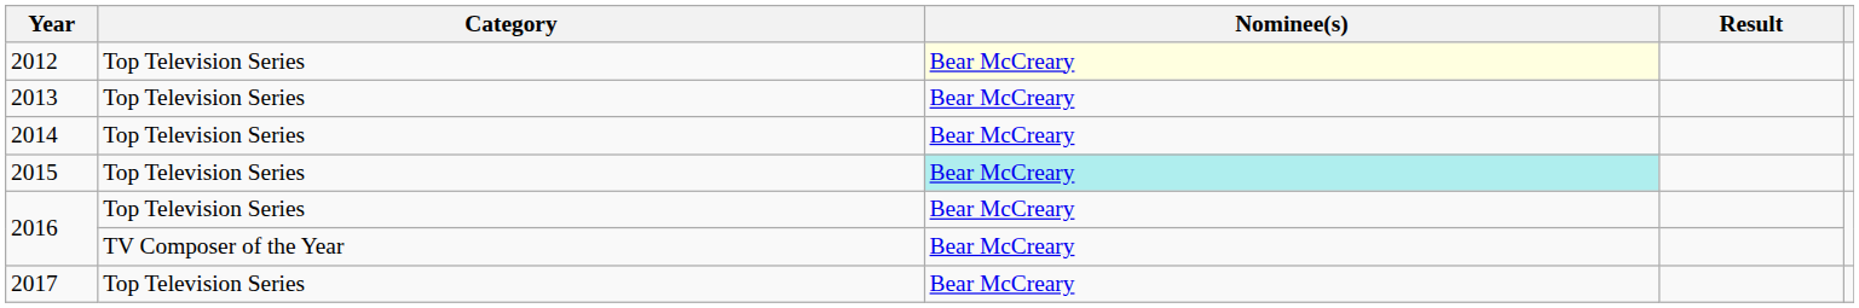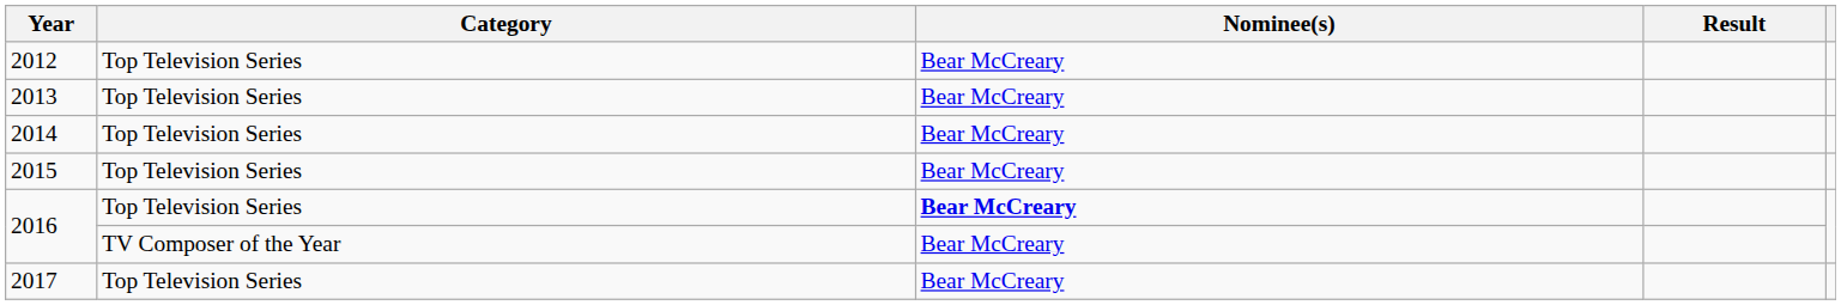 <table class="wikitable" width=100%>
 <tr>
 <th width=5%>Year</th>
 <th width=45%>Category</th>
 <th width=40%>Nominee(s)</th>
 <th width=10%>Result</th>
 <th width=5%></th>
 </tr>
 <tr>
 <td>2012</td>
 <td>Top Television Series</td>
-<td style="background: lightyellow;"><a href='#'>Bear McCreary</a></td>
+<td><a href='#'>Bear McCreary</a></td>
 <td></td>
 <td></td>
 </tr>
 <tr>
 <td>2013</td>
 <td>Top Television Series</td>
 <td><a href='#'>Bear McCreary</a></td>
 <td></td>
 <td></td>
 </tr>
 <tr>
 <td>2014</td>
 <td>Top Television Series</td>
 <td><a href='#'>Bear McCreary</a></td>
 <td></td>
 <td></td>
 </tr>
 <tr>
 <td>2015</td>
 <td>Top Television Series</td>
-<td style="background: paleturquoise;"><a href='#'>Bear McCreary</a></td>
+<td><a href='#'>Bear McCreary</a></td>
 <td></td>
 <td></td>
 </tr>
 <tr>
 <td rowspan=2>2016</td>
 <td>Top Television Series</td>
-<td><a href='#'>Bear McCreary</a></td>
+<td><strong><a href='#'>Bear McCreary</a></strong></td>
 <td></td>
 <td rowspan=2></td>
 </tr>
 <tr>
 <td>TV Composer of the Year</td>
 <td><a href='#'>Bear McCreary</a></td>
 <td></td>
 </tr>
 <tr>
 <td>2017</td>
 <td>Top Television Series</td>
 <td><a href='#'>Bear McCreary</a></td>
 <td></td>
 <td></td>
 </tr>
 </table>
